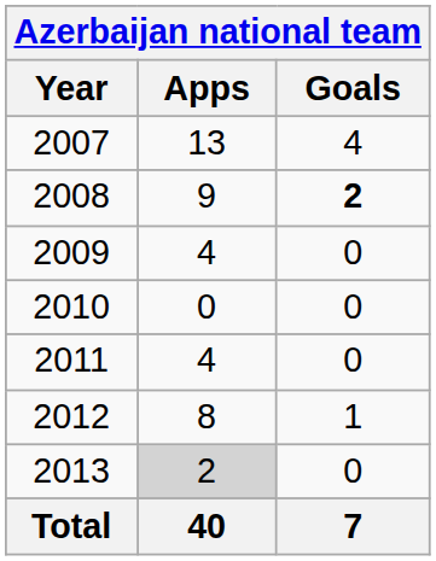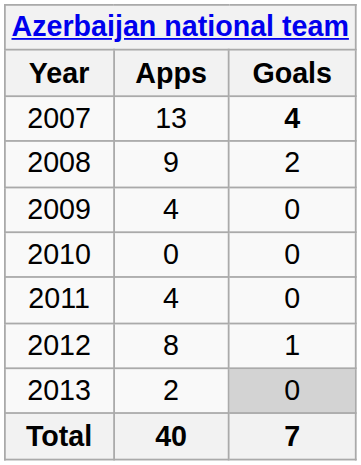 <table class="wikitable" style="text-align:center">
 <tr>
 <th colspan=3><a href='#'>Azerbaijan national team</a></th>
 </tr>
 <tr>
 <th>Year</th>
 <th>Apps</th>
 <th>Goals</th>
 </tr>
 <tr>
 <td>2007</td>
 <td>13</td>
-<td>4</td>
+<td><strong>4</strong></td>
 </tr>
 <tr>
 <td>2008</td>
 <td>9</td>
-<td><strong>2</strong></td>
+<td>2</td>
 </tr>
 <tr>
 <td>2009</td>
 <td>4</td>
 <td>0</td>
 </tr>
 <tr>
 <td>2010</td>
 <td>0</td>
 <td>0</td>
 </tr>
 <tr>
 <td>2011</td>
 <td>4</td>
 <td>0</td>
 </tr>
 <tr>
 <td>2012</td>
 <td>8</td>
 <td>1</td>
 </tr>
 <tr>
 <td>2013</td>
-<td style="background: lightgrey;">2</td>
-<td>0</td>
+<td>2</td>
+<td style="background: lightgrey;">0</td>
 </tr>
 <tr>
 <th>Total</th>
 <th>40</th>
 <th>7</th>
 </tr>
 </table>
